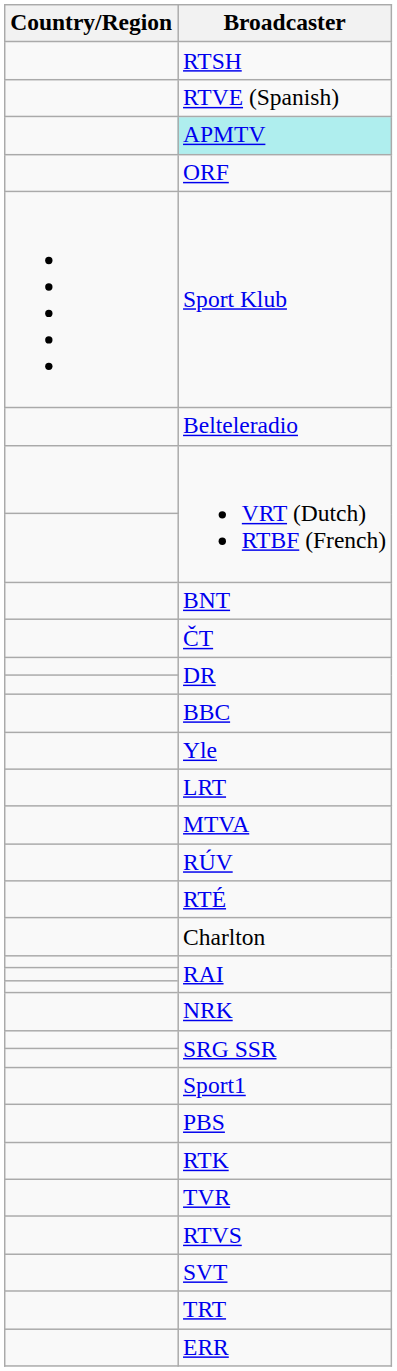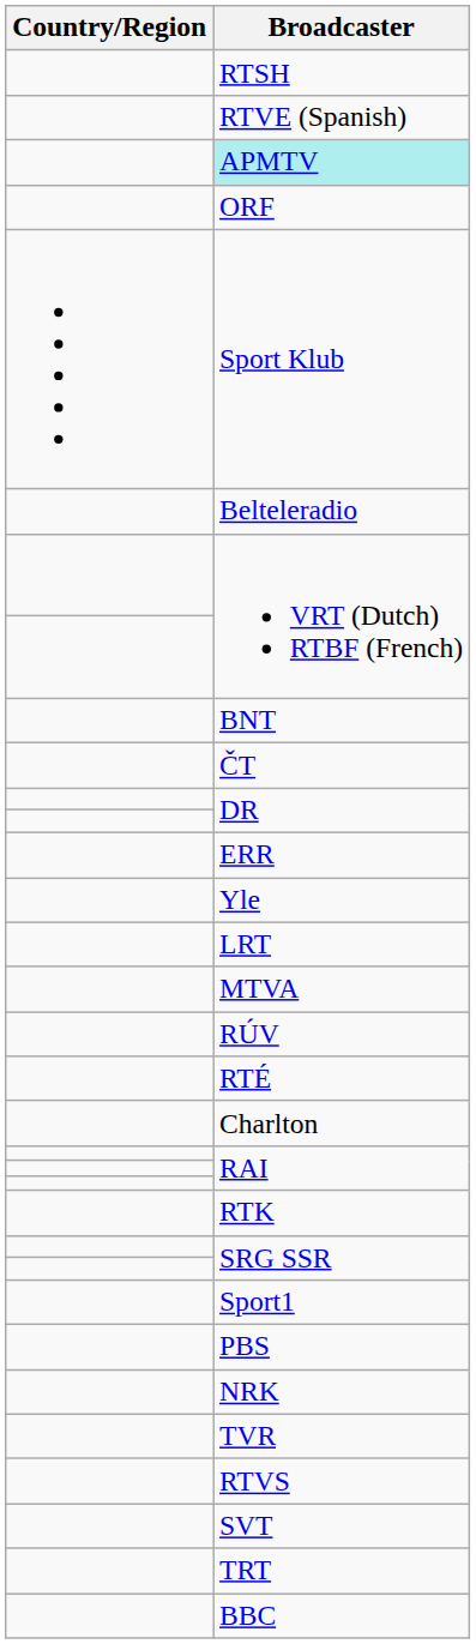 <table class="wikitable">
 <tr>
 <th>Country/Region</th>
 <th>Broadcaster</th>
 </tr>
 <tr>
 <td></td>
 <td><a href='#'>RTSH</a></td>
 </tr>
 <tr>
 <td></td>
 <td><a href='#'>RTVE</a> (Spanish)</td>
 </tr>
 <tr>
 <td></td>
 <td style="background: paleturquoise;"><a href='#'>APMTV</a></td>
 </tr>
 <tr>
 <td></td>
 <td><a href='#'>ORF</a></td>
 </tr>
 <tr>
 <td><br><ul><li></li><li></li><li></li><li></li><li></li></ul></td>
 <td><a href='#'>Sport Klub</a></td>
 </tr>
 <tr>
 <td></td>
 <td><a href='#'>Belteleradio</a></td>
 </tr>
 <tr>
 <td></td>
 <td rowspan="2"><br><ul><li><a href='#'>VRT</a> (Dutch)</li><li><a href='#'>RTBF</a> (French)</li></ul></td>
 </tr>
 <tr>
 <td></td>
 </tr>
 <tr>
 <td></td>
 <td><a href='#'>BNT</a></td>
 </tr>
 <tr>
 <td></td>
 <td><a href='#'>ČT</a></td>
 </tr>
 <tr>
 <td></td>
 <td rowspan="2"><a href='#'>DR</a></td>
 </tr>
 <tr>
 <td></td>
 </tr>
 <tr>
 <td></td>
-<td><a href='#'>BBC</a></td>
+<td><a href='#'>ERR</a></td>
 </tr>
 <tr>
 <td></td>
 <td><a href='#'>Yle</a></td>
 </tr>
 <tr>
 <td></td>
 <td><a href='#'>LRT</a></td>
 </tr>
 <tr>
 <td></td>
 <td><a href='#'>MTVA</a></td>
 </tr>
 <tr>
 <td></td>
 <td><a href='#'>RÚV</a></td>
 </tr>
 <tr>
 <td></td>
 <td><a href='#'>RTÉ</a></td>
 </tr>
 <tr>
 <td></td>
 <td>Charlton</td>
 </tr>
 <tr>
 <td></td>
 <td rowspan="3"><a href='#'>RAI</a></td>
 </tr>
 <tr>
 <td></td>
 </tr>
 <tr>
 <td></td>
 </tr>
 <tr>
 <td></td>
-<td><a href='#'>NRK</a></td>
+<td><a href='#'>RTK</a></td>
 </tr>
 <tr>
 <td></td>
 <td rowspan="2"><a href='#'>SRG SSR</a></td>
 </tr>
 <tr>
 <td></td>
 </tr>
 <tr>
 <td></td>
 <td><a href='#'>Sport1</a></td>
 </tr>
 <tr>
 <td></td>
 <td><a href='#'>PBS</a></td>
 </tr>
 <tr>
 <td></td>
-<td><a href='#'>RTK</a></td>
+<td><a href='#'>NRK</a></td>
 </tr>
 <tr>
 <td></td>
 <td><a href='#'>TVR</a></td>
 </tr>
 <tr>
 <td></td>
 <td><a href='#'>RTVS</a></td>
 </tr>
 <tr>
 <td></td>
 <td><a href='#'>SVT</a></td>
 </tr>
 <tr>
 <td></td>
 <td><a href='#'>TRT</a></td>
 </tr>
 <tr>
 <td></td>
-<td><a href='#'>ERR</a></td>
+<td><a href='#'>BBC</a></td>
 </tr>
 </table>
